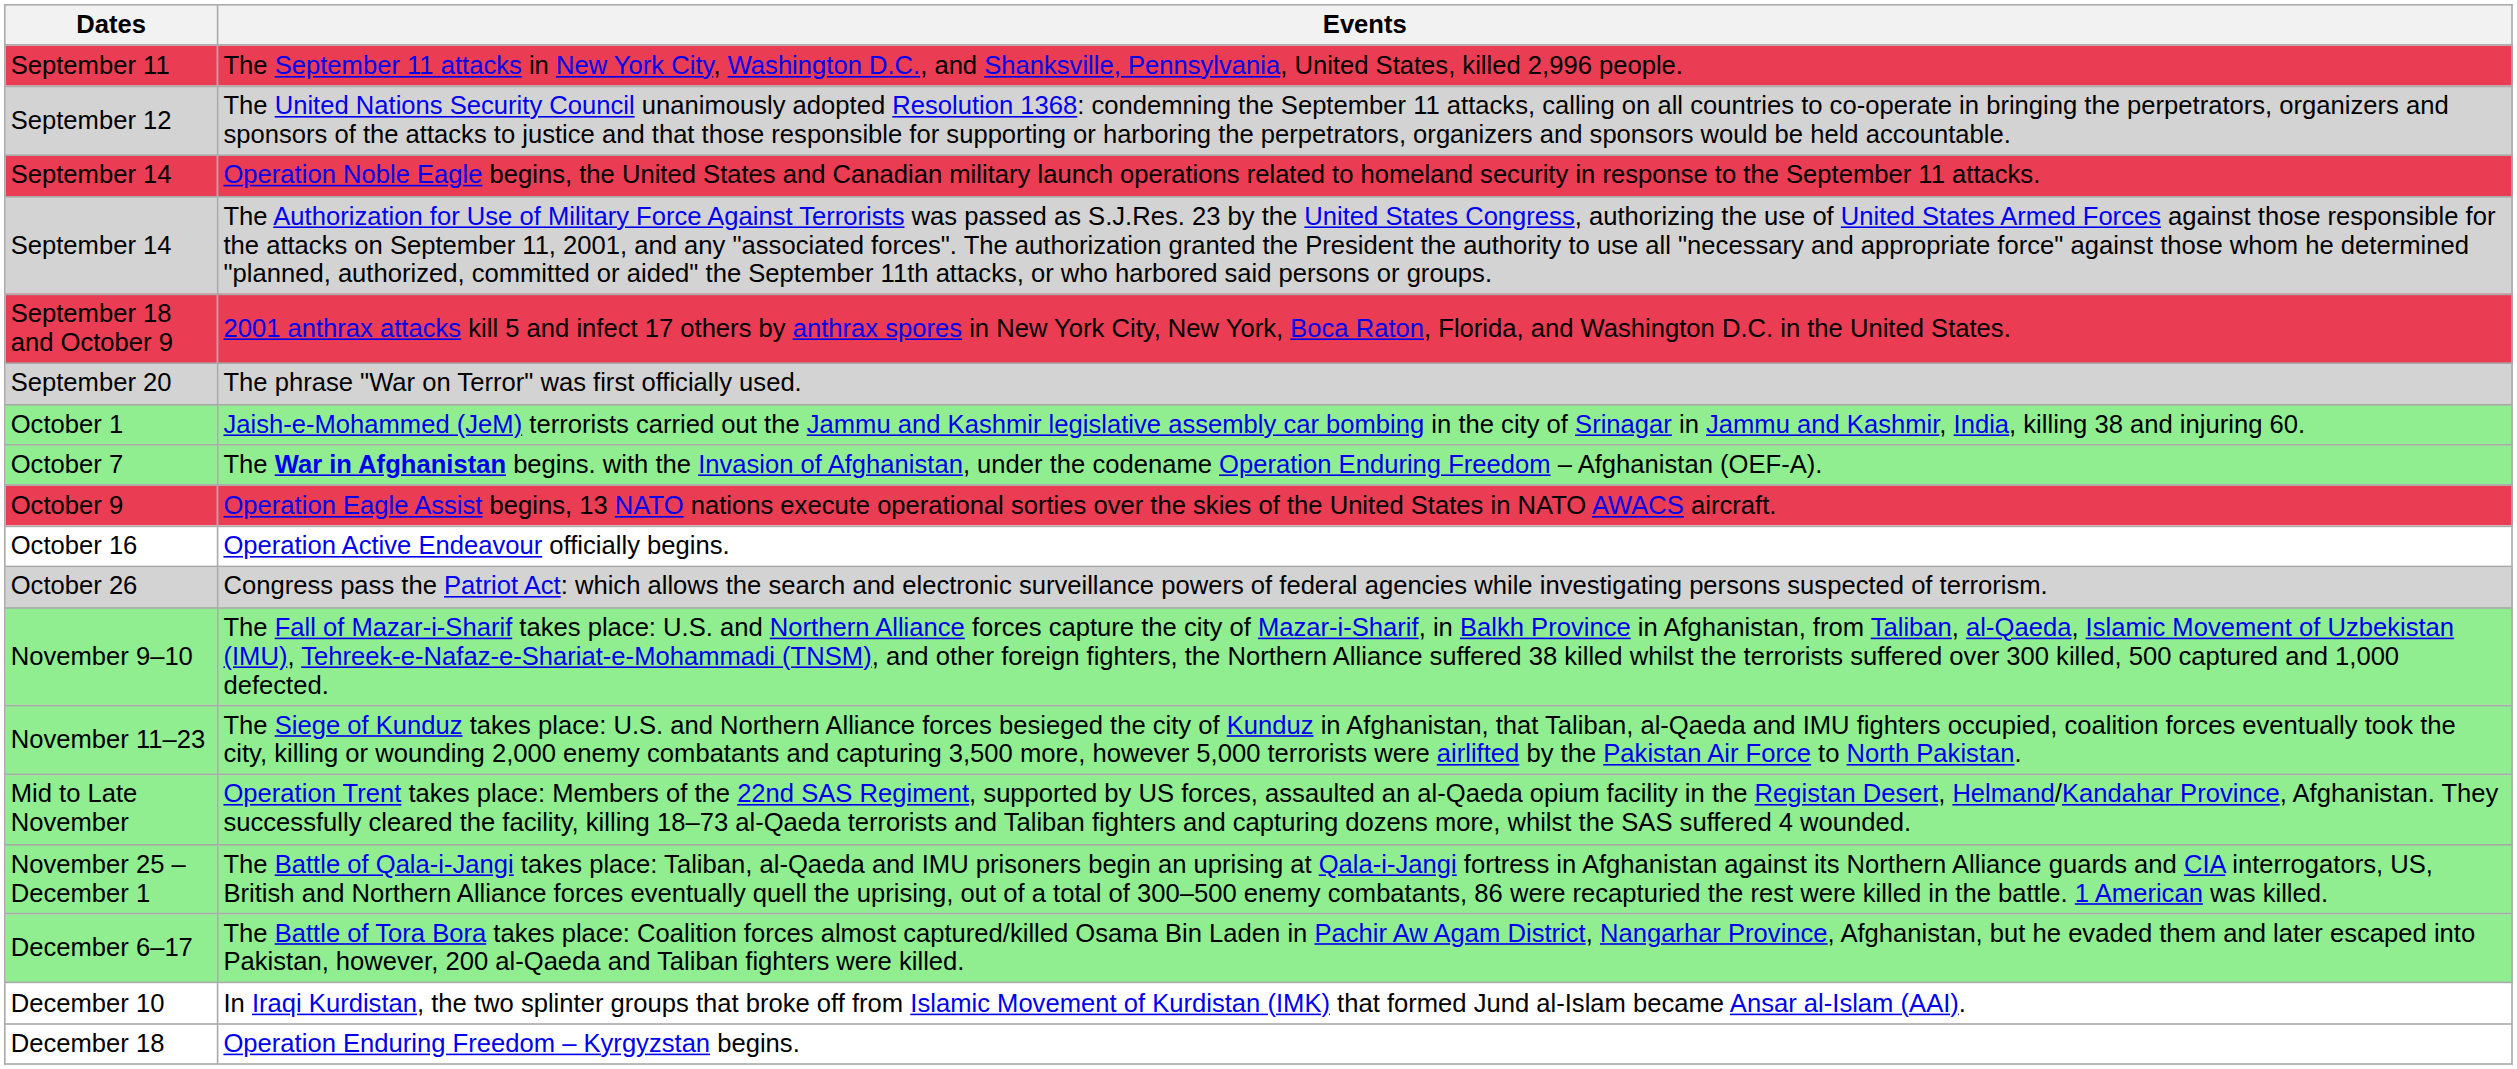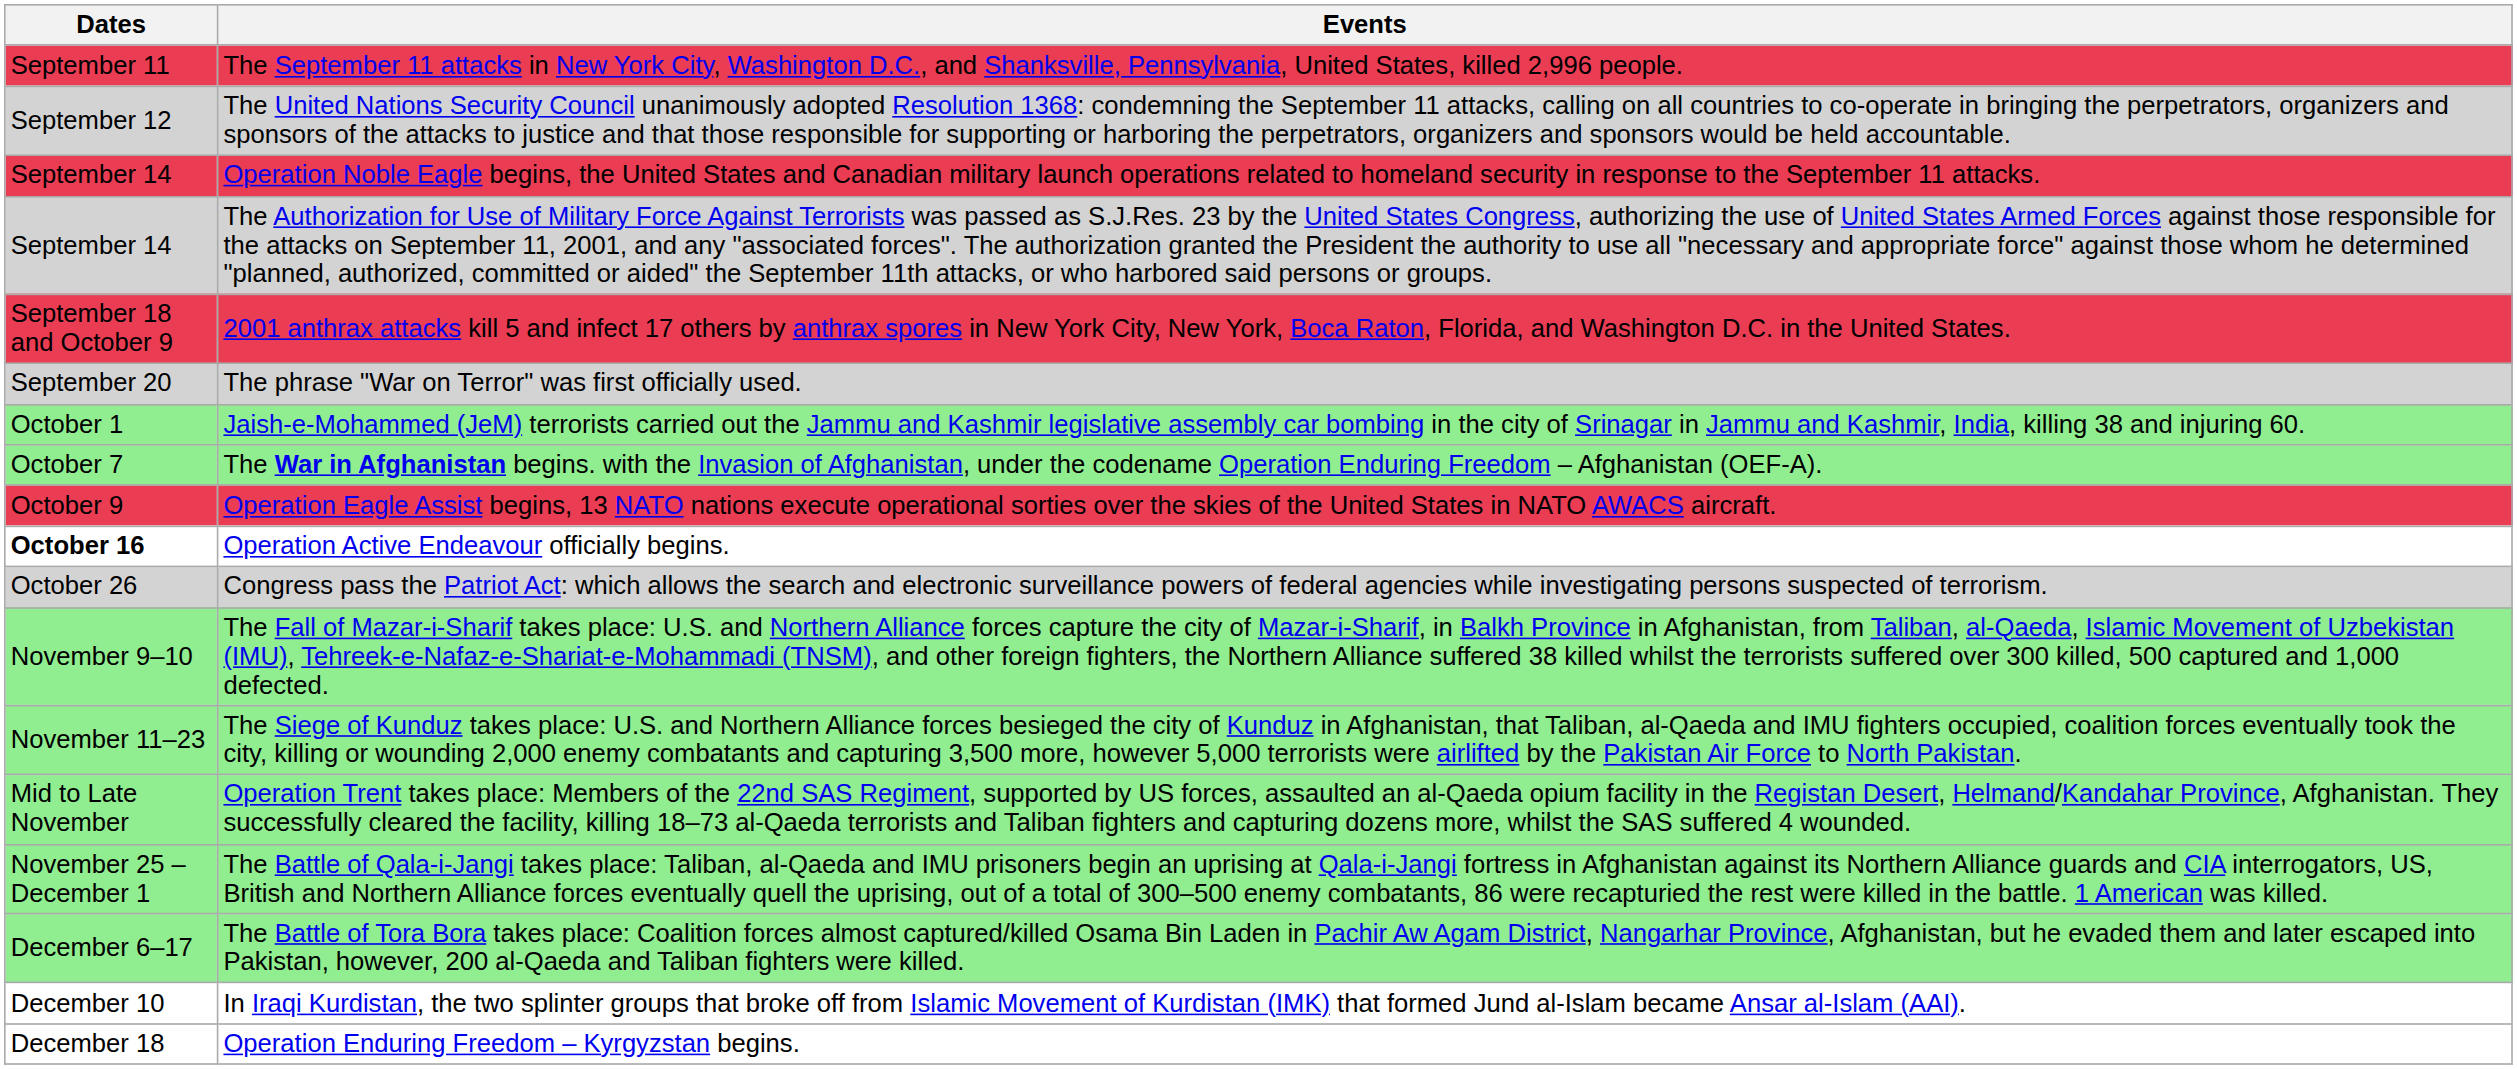 <table class="wikitable">
 <tr>
 <th>Dates</th>
 <th>Events</th>
 </tr>
 <tr style="background:#EA3C53">
 <td>September 11</td>
 <td>The <a href='#'>September 11 attacks</a> in <a href='#'>New York City</a>, <a href='#'>Washington D.C.</a>, and <a href='#'>Shanksville, Pennsylvania</a>, United States, killed 2,996 people.</td>
 </tr>
 <tr style="background:lightgrey">
 <td>September 12</td>
 <td>The <a href='#'>United Nations Security Council</a> unanimously adopted <a href='#'>Resolution 1368</a>: condemning the September 11 attacks, calling on all countries to co-operate in bringing the perpetrators, organizers and sponsors of the attacks to justice and that those responsible for supporting or harboring the perpetrators, organizers and sponsors would be held accountable.</td>
 </tr>
 <tr style="background:#EA3C53">
 <td>September 14</td>
 <td><a href='#'>Operation Noble Eagle</a> begins, the United States and Canadian military launch operations related to homeland security in response to the September 11 attacks.</td>
 </tr>
 <tr style="background:lightgrey">
 <td>September 14</td>
 <td>The <a href='#'>Authorization for Use of Military Force Against Terrorists</a> was passed as S.J.Res. 23 by the <a href='#'>United States Congress</a>, authorizing the use of <a href='#'>United States Armed Forces</a> against those responsible for the attacks on September 11, 2001, and any "associated forces". The authorization granted the President the authority to use all "necessary and appropriate force" against those whom he determined "planned, authorized, committed or aided" the September 11th attacks, or who harbored said persons or groups.</td>
 </tr>
 <tr style="background:#EA3C53">
 <td>September 18 and October 9</td>
 <td><a href='#'>2001 anthrax attacks</a> kill 5 and infect 17 others by <a href='#'>anthrax spores</a> in New York City, New York, <a href='#'>Boca Raton</a>, Florida, and Washington D.C. in the United States.</td>
 </tr>
 <tr style="background:lightgrey">
 <td>September 20</td>
 <td>The phrase "War on Terror" was first officially used.</td>
 </tr>
 <tr style="background:lightgreen">
 <td>October 1</td>
 <td><a href='#'>Jaish-e-Mohammed (JeM)</a> terrorists carried out the <a href='#'>Jammu and Kashmir legislative assembly car bombing</a> in the city of <a href='#'>Srinagar</a> in <a href='#'>Jammu and Kashmir</a>, <a href='#'>India</a>, killing 38 and injuring 60.</td>
 </tr>
 <tr style="background:lightgreen">
 <td>October 7</td>
 <td>The <strong><a href='#'>War in Afghanistan</a></strong> begins. with the <a href='#'>Invasion of Afghanistan</a>, under the codename <a href='#'>Operation Enduring Freedom</a> – Afghanistan (OEF-A).</td>
 </tr>
 <tr style="background:#EA3C53">
 <td>October 9</td>
 <td><a href='#'>Operation Eagle Assist</a> begins, 13 <a href='#'>NATO</a> nations execute operational sorties over the skies of the United States in NATO <a href='#'>AWACS</a> aircraft.</td>
 </tr>
 <tr style="background:white">
-<td>October 16</td>
+<td><strong>October 16</strong></td>
 <td><a href='#'>Operation Active Endeavour</a> officially begins.</td>
 </tr>
 <tr style="background:lightgrey">
 <td>October 26</td>
 <td>Congress pass the <a href='#'>Patriot Act</a>: which allows the search and electronic surveillance powers of federal agencies while investigating persons suspected of terrorism.</td>
 </tr>
 <tr style="background:lightgreen">
 <td>November 9–10</td>
 <td>The <a href='#'>Fall of Mazar-i-Sharif</a> takes place: U.S. and <a href='#'>Northern Alliance</a> forces capture the city of <a href='#'>Mazar-i-Sharif</a>, in <a href='#'>Balkh Province</a> in Afghanistan, from <a href='#'>Taliban</a>, <a href='#'>al-Qaeda</a>, <a href='#'>Islamic Movement of Uzbekistan (IMU)</a>, <a href='#'>Tehreek-e-Nafaz-e-Shariat-e-Mohammadi (TNSM)</a>, and other foreign fighters, the Northern Alliance suffered 38 killed whilst the terrorists suffered over 300 killed, 500 captured and 1,000 defected.</td>
 </tr>
 <tr style="background:lightgreen">
 <td>November 11–23</td>
 <td>The <a href='#'>Siege of Kunduz</a> takes place: U.S. and Northern Alliance forces besieged the city of <a href='#'>Kunduz</a> in Afghanistan, that Taliban, al-Qaeda and IMU fighters occupied, coalition forces eventually took the city, killing or wounding 2,000 enemy combatants and capturing 3,500 more, however 5,000 terrorists were <a href='#'>airlifted</a> by the <a href='#'>Pakistan Air Force</a> to <a href='#'>North Pakistan</a>.</td>
 </tr>
 <tr style="background:lightgreen">
 <td>Mid to Late November</td>
 <td><a href='#'>Operation Trent</a> takes place: Members of the <a href='#'>22nd SAS Regiment</a>, supported by US forces, assaulted an al-Qaeda opium facility in the <a href='#'>Registan Desert</a>, <a href='#'>Helmand</a>/<a href='#'>Kandahar Province</a>, Afghanistan. They successfully cleared the facility, killing 18–73 al-Qaeda terrorists and Taliban fighters and capturing dozens more, whilst the SAS suffered 4 wounded.</td>
 </tr>
 <tr style="background:lightgreen">
 <td>November 25 – December 1</td>
 <td>The <a href='#'>Battle of Qala-i-Jangi</a> takes place: Taliban, al-Qaeda and IMU prisoners begin an uprising at <a href='#'>Qala-i-Jangi</a> fortress in Afghanistan against its Northern Alliance guards and <a href='#'>CIA</a> interrogators, US, British and Northern Alliance forces eventually quell the uprising, out of a total of 300–500 enemy combatants, 86 were recapturied the rest were killed in the battle. <a href='#'>1 American</a> was killed.</td>
 </tr>
 <tr style="background:lightgreen">
 <td>December 6–17</td>
 <td>The <a href='#'>Battle of Tora Bora</a> takes place: Coalition forces almost captured/killed Osama Bin Laden in <a href='#'>Pachir Aw Agam District</a>, <a href='#'>Nangarhar Province</a>, Afghanistan, but he evaded them and later escaped into Pakistan, however, 200 al-Qaeda and Taliban fighters were killed.</td>
 </tr>
 <tr style="background:white">
 <td>December 10</td>
 <td>In <a href='#'>Iraqi Kurdistan</a>, the two splinter groups that broke off from <a href='#'>Islamic Movement of Kurdistan (IMK)</a> that formed Jund al-Islam became <a href='#'>Ansar al-Islam (AAI)</a>.</td>
 </tr>
 <tr style="background:white">
 <td>December 18</td>
 <td><a href='#'>Operation Enduring Freedom – Kyrgyzstan</a> begins.</td>
 </tr>
 </table>
